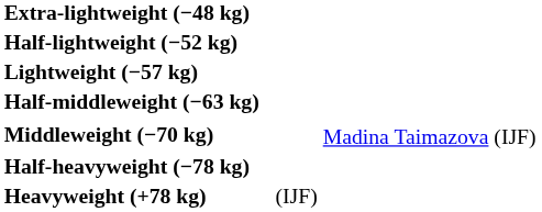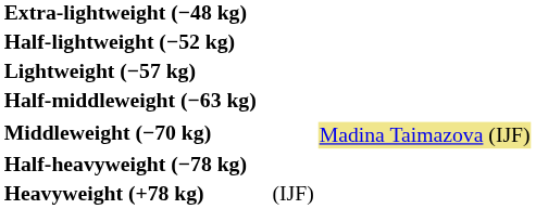 <table>
 <tr>
 <th rowspan=2 style="text-align:left;">Extra-lightweight (−48 kg)</th>
 <td rowspan=2></td>
 <td rowspan=2></td>
 <td></td>
 </tr>
 <tr>
 <td></td>
 </tr>
 <tr>
 <th rowspan=2 style="text-align:left;">Half-lightweight (−52 kg)</th>
 <td rowspan=2></td>
 <td rowspan=2></td>
 <td></td>
 </tr>
 <tr>
 <td></td>
 </tr>
 <tr>
 <th rowspan=2 style="text-align:left;">Lightweight (−57 kg)</th>
 <td rowspan=2></td>
 <td rowspan=2></td>
 <td></td>
 </tr>
 <tr>
 <td></td>
 </tr>
 <tr>
 <th rowspan=2 style="text-align:left;">Half-middleweight (−63 kg)</th>
 <td rowspan=2></td>
 <td rowspan=2></td>
 <td></td>
 </tr>
 <tr>
 <td></td>
 </tr>
 <tr>
 <th rowspan=2 style="text-align:left;">Middleweight (−70 kg)</th>
 <td rowspan=2></td>
 <td rowspan=2></td>
 <td></td>
 </tr>
 <tr>
-<td> <a href='#'>Madina Taimazova</a> <span>(<abbr>IJF</abbr>)</span></td>
+<td style="background: khaki;"> <a href='#'>Madina Taimazova</a> <span>(<abbr>IJF</abbr>)</span></td>
 </tr>
 <tr>
 <th rowspan=2 style="text-align:left;">Half-heavyweight (−78 kg)</th>
 <td rowspan=2></td>
 <td rowspan=2></td>
 <td></td>
 </tr>
 <tr>
 <td></td>
 </tr>
 <tr>
 <th rowspan=2 style="text-align:left;">Heavyweight (+78 kg)</th>
 <td rowspan=2></td>
 <td rowspan=2>  <span>(<abbr>IJF</abbr>)</span></td>
 <td></td>
 </tr>
 <tr>
 <td></td>
 </tr>
 </table>
